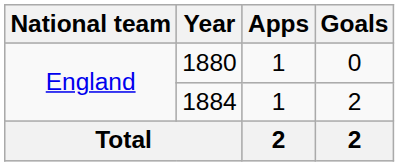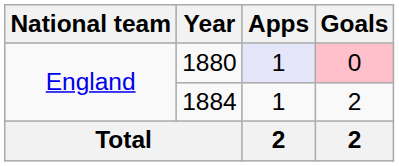 <table class=wikitable style="text-align: center">
 <tr>
 <th>National team</th>
 <th>Year</th>
 <th>Apps</th>
 <th>Goals</th>
 </tr>
 <tr>
 <td rowspan=2><a href='#'>England</a></td>
 <td>1880</td>
-<td>1</td>
-<td>0</td>
+<td style="background: lavender;">1</td>
+<td style="background: pink;">0</td>
 </tr>
 <tr>
 <td>1884</td>
 <td>1</td>
 <td>2</td>
 </tr>
 <tr>
 <th colspan=2>Total</th>
 <th>2</th>
 <th>2</th>
 </tr>
 </table>
